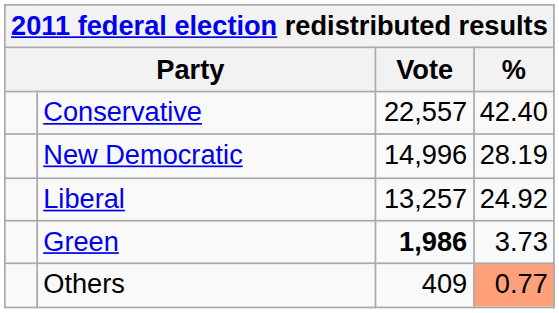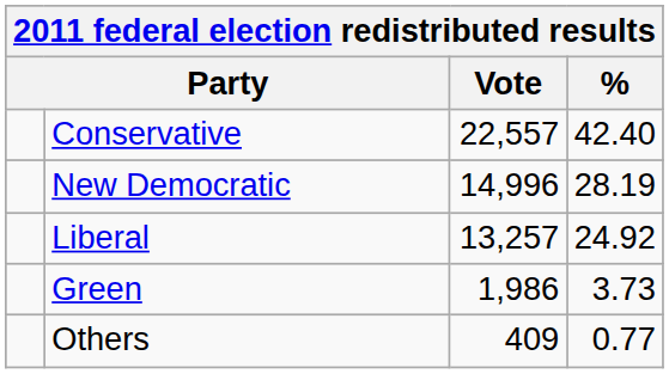 <table class="wikitable">
 <tr>
 <th colspan="4"><a href='#'>2011 federal election</a> redistributed results</th>
 </tr>
 <tr>
 <th bgcolor="#DDDDFF" width="130px" colspan="2">Party</th>
 <th bgcolor="#DDDDFF" width="50px">Vote</th>
 <th bgcolor="#DDDDFF" width="30px">%</th>
 </tr>
 <tr>
 <td> </td>
 <td><a href='#'>Conservative</a></td>
 <td align=right>22,557</td>
 <td align=right>42.40</td>
 </tr>
 <tr>
 <td> </td>
 <td><a href='#'>New Democratic</a></td>
 <td align=right>14,996</td>
 <td align=right>28.19</td>
 </tr>
 <tr>
 <td> </td>
 <td><a href='#'>Liberal</a></td>
 <td align=right>13,257</td>
 <td align=right>24.92</td>
 </tr>
 <tr>
 <td> </td>
 <td><a href='#'>Green</a></td>
-<td align=right><strong>1,986</strong></td>
+<td align=right>1,986</td>
 <td align=right>3.73</td>
 </tr>
 <tr>
 <td> </td>
 <td>Others</td>
 <td align=right>409</td>
-<td align=right style="background: lightsalmon;">0.77</td>
+<td align=right>0.77</td>
 </tr>
 </table>
